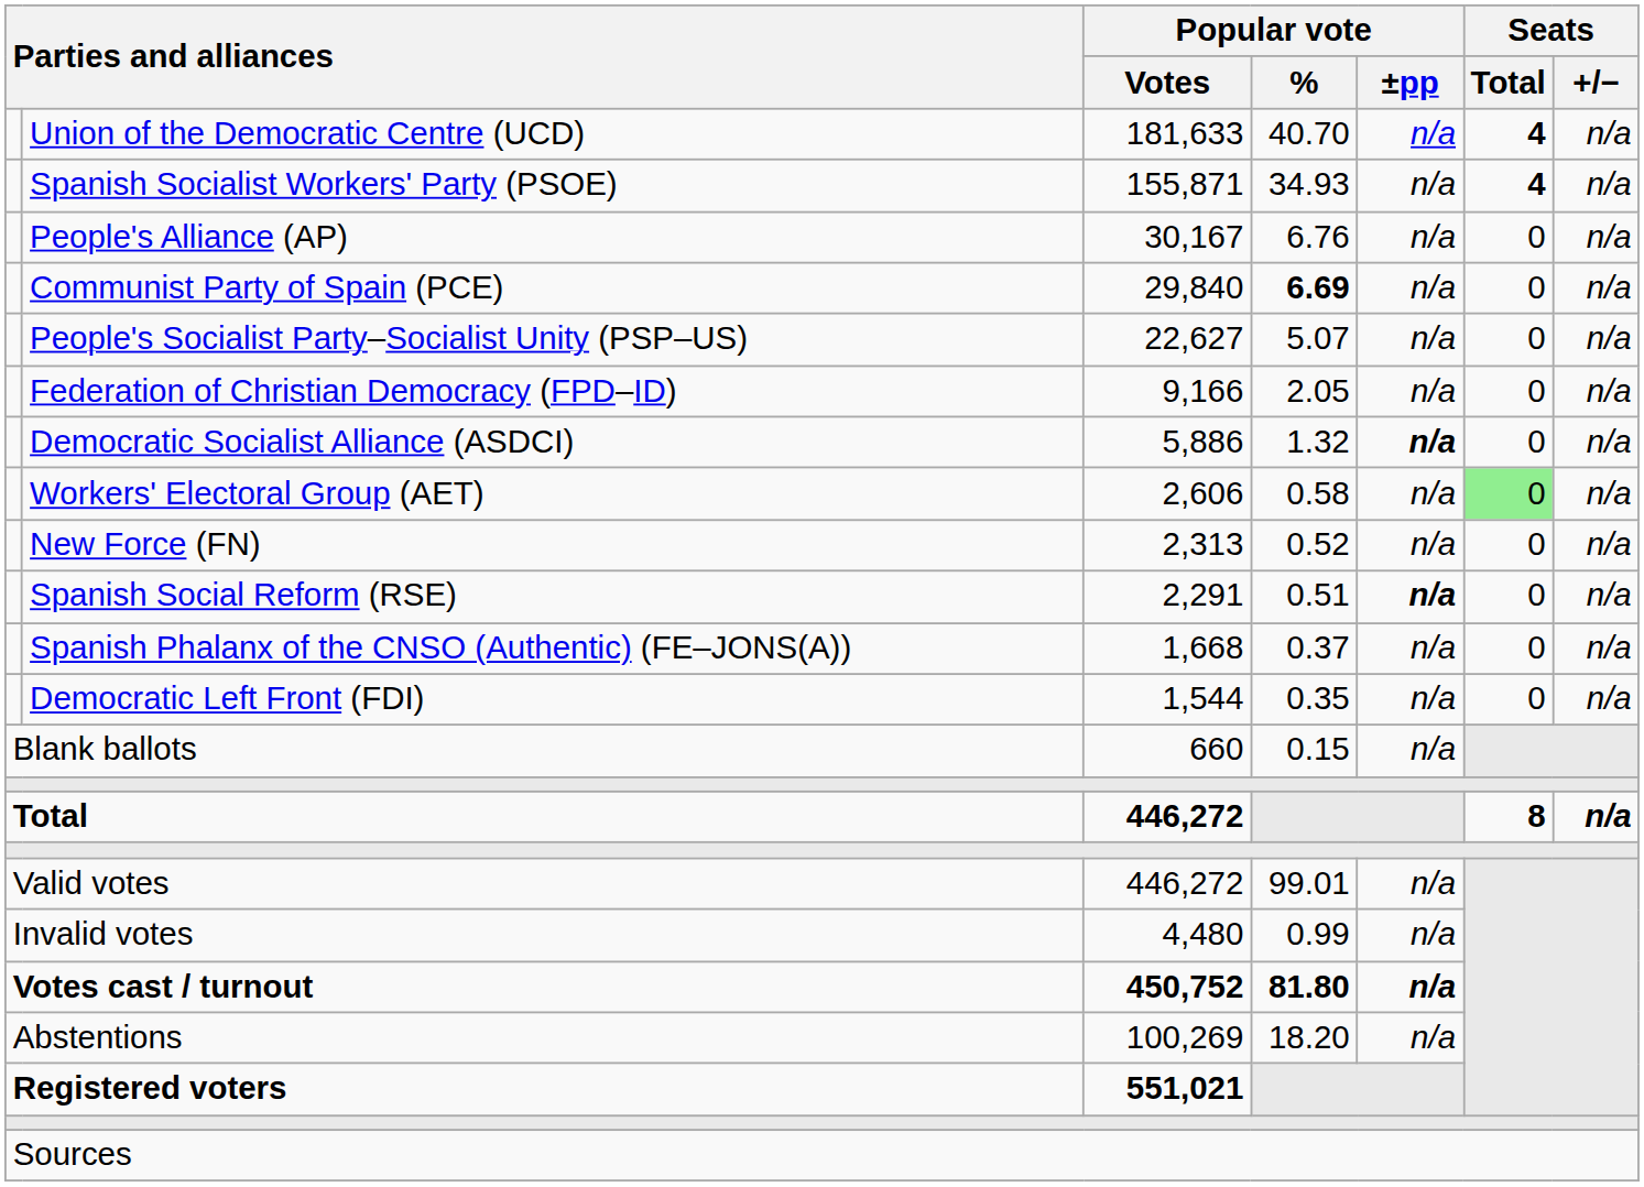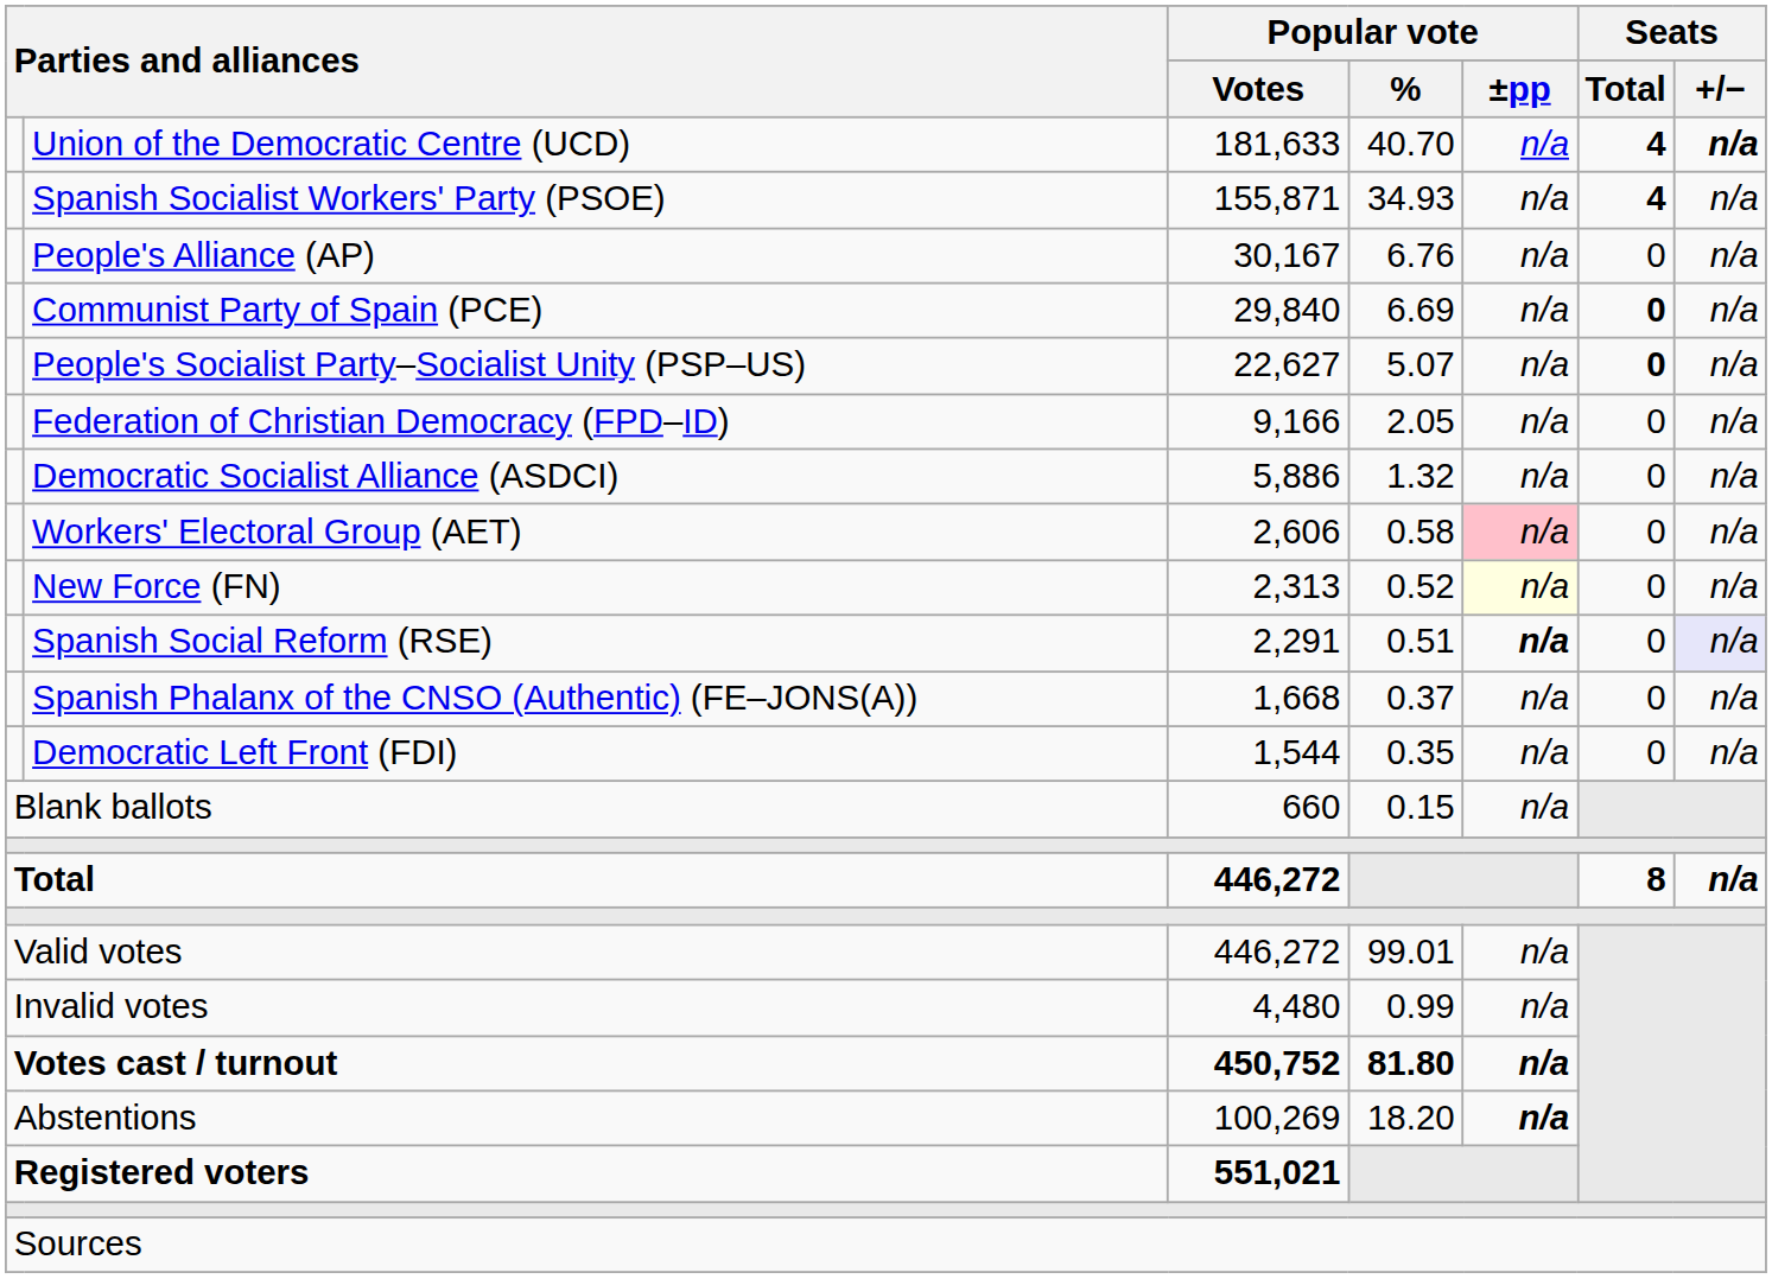 <table class="wikitable" style="text-align:right;">
 <tr>
 <th style="text-align:left;" rowspan="2" colspan="2" width="525">Parties and alliances</th>
 <th colspan="3">Popular vote</th>
 <th colspan="2">Seats</th>
 </tr>
 <tr>
 <th width="75">Votes</th>
 <th width="45">%</th>
 <th width="45">±<a href='#'>pp</a></th>
 <th width="35">Total</th>
 <th width="35">+/−</th>
 </tr>
 <tr>
 <td width="1" style="color:inherit;background:"></td>
 <td align="left"><a href='#'>Union of the Democratic Centre</a> (UCD)</td>
 <td>181,633</td>
 <td>40.70</td>
 <td><em><a href='#'>n/a</a></em></td>
 <td><strong>4</strong></td>
-<td><em>n/a</em></td>
+<td><strong><em>n/a</em></strong></td>
 </tr>
 <tr>
 <td style="color:inherit;background:"></td>
 <td align="left"><a href='#'>Spanish Socialist Workers' Party</a> (PSOE)</td>
 <td>155,871</td>
 <td>34.93</td>
 <td><em>n/a</em></td>
 <td><strong>4</strong></td>
 <td><em>n/a</em></td>
 </tr>
 <tr>
 <td style="color:inherit;background:"></td>
 <td align="left"><a href='#'>People's Alliance</a> (AP)</td>
 <td>30,167</td>
 <td>6.76</td>
 <td><em>n/a</em></td>
 <td>0</td>
 <td><em>n/a</em></td>
 </tr>
 <tr>
 <td style="color:inherit;background:"></td>
 <td align="left"><a href='#'>Communist Party of Spain</a> (PCE)</td>
 <td>29,840</td>
-<td><strong>6.69</strong></td>
+<td>6.69</td>
 <td><em>n/a</em></td>
-<td>0</td>
+<td><strong>0</strong></td>
 <td><em>n/a</em></td>
 </tr>
 <tr>
 <td style="color:inherit;background:"></td>
 <td align="left"><a href='#'>People's Socialist Party</a>–<a href='#'>Socialist Unity</a> (PSP–US)</td>
 <td>22,627</td>
 <td>5.07</td>
 <td><em>n/a</em></td>
-<td>0</td>
+<td><strong>0</strong></td>
 <td><em>n/a</em></td>
 </tr>
 <tr>
 <td style="color:inherit;background:"></td>
 <td align="left"><a href='#'>Federation of Christian Democracy</a> (<a href='#'>FPD</a>–<a href='#'>ID</a>)</td>
 <td>9,166</td>
 <td>2.05</td>
 <td><em>n/a</em></td>
 <td>0</td>
 <td><em>n/a</em></td>
 </tr>
 <tr>
 <td style="color:inherit;background:"></td>
 <td align="left"><a href='#'>Democratic Socialist Alliance</a> (ASDCI)</td>
 <td>5,886</td>
 <td>1.32</td>
-<td><strong><em>n/a</em></strong></td>
+<td><em>n/a</em></td>
 <td>0</td>
 <td><em>n/a</em></td>
 </tr>
 <tr>
 <td style="color:inherit;background:"></td>
 <td align="left"><a href='#'>Workers' Electoral Group</a> (AET)</td>
 <td>2,606</td>
 <td>0.58</td>
-<td><em>n/a</em></td>
-<td style="background: lightgreen;">0</td>
+<td style="background: pink;"><em>n/a</em></td>
+<td>0</td>
 <td><em>n/a</em></td>
 </tr>
 <tr>
 <td style="color:inherit;background:"></td>
 <td align="left"><a href='#'>New Force</a> (FN)</td>
 <td>2,313</td>
 <td>0.52</td>
-<td><em>n/a</em></td>
+<td style="background: lightyellow;"><em>n/a</em></td>
 <td>0</td>
 <td><em>n/a</em></td>
 </tr>
 <tr>
 <td style="color:inherit;background:"></td>
 <td align="left"><a href='#'>Spanish Social Reform</a> (RSE)</td>
 <td>2,291</td>
 <td>0.51</td>
 <td><strong><em>n/a</em></strong></td>
 <td>0</td>
-<td><em>n/a</em></td>
+<td style="background: lavender;"><em>n/a</em></td>
 </tr>
 <tr>
 <td style="color:inherit;background:"></td>
 <td align="left"><a href='#'>Spanish Phalanx of the CNSO (Authentic)</a> (FE–JONS(A))</td>
 <td>1,668</td>
 <td>0.37</td>
 <td><em>n/a</em></td>
 <td>0</td>
 <td><em>n/a</em></td>
 </tr>
 <tr>
 <td style="color:inherit;background:"></td>
 <td align="left"><a href='#'>Democratic Left Front</a> (FDI)</td>
 <td>1,544</td>
 <td>0.35</td>
 <td><em>n/a</em></td>
 <td>0</td>
 <td><em>n/a</em></td>
 </tr>
 <tr>
 <td align="left" colspan="2">Blank ballots</td>
 <td>660</td>
 <td>0.15</td>
 <td><em>n/a</em></td>
 <td bgcolor="#E9E9E9" colspan="2"></td>
 </tr>
 <tr>
 <td colspan="7" bgcolor="#E9E9E9"></td>
 </tr>
 <tr style="font-weight:bold;">
 <td align="left" colspan="2">Total</td>
 <td>446,272</td>
 <td bgcolor="#E9E9E9" colspan="2"></td>
 <td>8</td>
 <td><em>n/a</em></td>
 </tr>
 <tr>
 <td colspan="7" bgcolor="#E9E9E9"></td>
 </tr>
 <tr>
 <td align="left" colspan="2">Valid votes</td>
 <td>446,272</td>
 <td>99.01</td>
 <td><em>n/a</em></td>
 <td bgcolor="#E9E9E9" colspan="2" rowspan="5"></td>
 </tr>
 <tr>
 <td align="left" colspan="2">Invalid votes</td>
 <td>4,480</td>
 <td>0.99</td>
 <td><em>n/a</em></td>
 </tr>
 <tr style="font-weight:bold;">
 <td align="left" colspan="2">Votes cast / turnout</td>
 <td>450,752</td>
 <td>81.80</td>
 <td><em>n/a</em></td>
 </tr>
 <tr>
 <td align="left" colspan="2">Abstentions</td>
 <td>100,269</td>
 <td>18.20</td>
-<td><em>n/a</em></td>
+<td><strong><em>n/a</em></strong></td>
 </tr>
 <tr style="font-weight:bold;">
 <td align="left" colspan="2">Registered voters</td>
 <td>551,021</td>
 <td bgcolor="#E9E9E9" colspan="2"></td>
 </tr>
 <tr>
 <td colspan="7" bgcolor="#E9E9E9"></td>
 </tr>
 <tr>
 <td align="left" colspan="7">Sources</td>
 </tr>
 </table>
